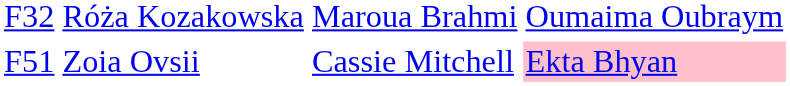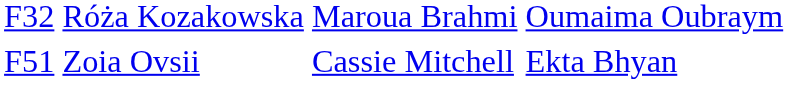 <table>
 <tr>
 <td><a href='#'>F32</a></td>
 <td><a href='#'>Róża Kozakowska</a><br></td>
 <td><a href='#'>Maroua Brahmi</a><br></td>
 <td><a href='#'>Oumaima Oubraym</a><br></td>
 </tr>
 <tr>
 <td><a href='#'>F51</a></td>
 <td><a href='#'>Zoia Ovsii</a><br></td>
 <td><a href='#'>Cassie Mitchell</a><br></td>
-<td style="background: pink;"><a href='#'>Ekta Bhyan</a><br></td>
+<td><a href='#'>Ekta Bhyan</a><br></td>
 </tr>
 <tr>
 </tr>
 </table>
